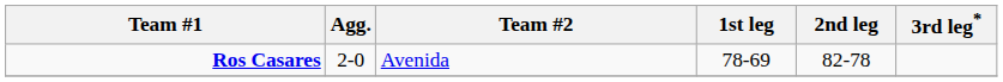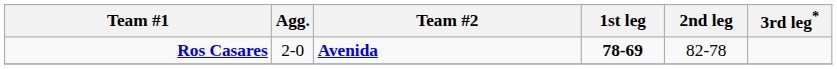 <table class=wikitable style="text-align:center">
 <tr>
 <th width=240>Team #1</th>
 <th width=20>Agg.</th>
 <th width=240>Team #2</th>
 <th width=70>1st leg</th>
 <th width=70>2nd leg</th>
 <th width=70>3rd leg<sup>*</sup></th>
 </tr>
 <tr>
 <td align=right><strong><a href='#'>Ros Casares</a></strong></td>
 <td>2-0</td>
-<td align=left><a href='#'>Avenida</a></td>
-<td>78-69</td>
+<td align=left><strong><a href='#'>Avenida</a></strong></td>
+<td><strong>78-69</strong></td>
 <td>82-78</td>
 <td></td>
 </tr>
 <tr>
 </tr>
 </table>
